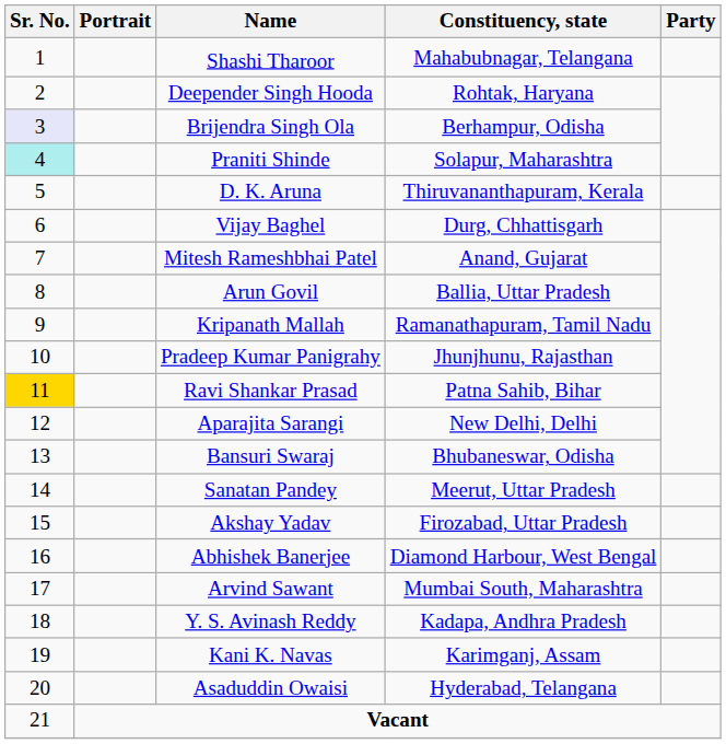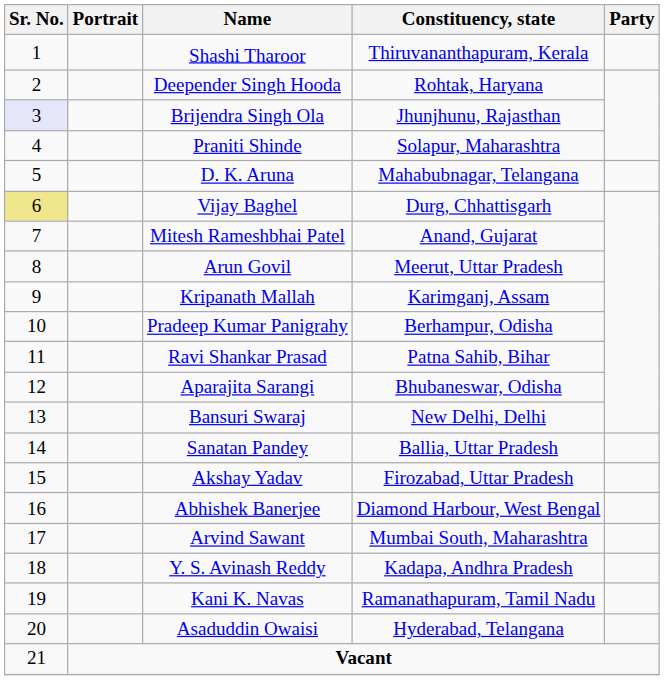 <table class="wikitable sortable">
 <tr>
 <th>Sr. No.</th>
 <th>Portrait</th>
 <th>Name </th>
 <th>Constituency, state</th>
 <th colspan="2">Party</th>
 </tr>
 <tr align="center">
 <td>1</td>
 <td></td>
 <td><a href='#'>Shashi Tharoor</a><sup></sup></td>
-<td><a href='#'>Mahabubnagar, Telangana</a></td>
+<td><a href='#'>Thiruvananthapuram, Kerala</a></td>
 <td></td>
 </tr>
 <tr align="center">
 <td>2</td>
 <td></td>
 <td><a href='#'>Deepender Singh Hooda</a></td>
 <td><a href='#'>Rohtak, Haryana</a></td>
 </tr>
 <tr align="center">
 <td style="background: lavender;">3</td>
 <td></td>
 <td><a href='#'>Brijendra Singh Ola</a></td>
-<td><a href='#'>Berhampur, Odisha</a></td>
+<td><a href='#'>Jhunjhunu, Rajasthan</a></td>
 </tr>
 <tr align="center">
-<td style="background: paleturquoise;">4</td>
+<td>4</td>
 <td></td>
 <td><a href='#'>Praniti Shinde</a></td>
 <td><a href='#'>Solapur, Maharashtra</a></td>
 </tr>
 <tr align="center">
 <td>5</td>
 <td></td>
 <td><a href='#'>D. K. Aruna</a></td>
-<td><a href='#'>Thiruvananthapuram, Kerala</a></td>
+<td><a href='#'>Mahabubnagar, Telangana</a></td>
 <td></td>
 </tr>
 <tr align="center">
-<td>6</td>
+<td style="background: khaki;">6</td>
 <td></td>
 <td><a href='#'>Vijay Baghel</a></td>
 <td><a href='#'>Durg, Chhattisgarh</a></td>
 </tr>
 <tr align="center">
 <td>7</td>
 <td></td>
 <td><a href='#'>Mitesh Rameshbhai Patel</a></td>
 <td><a href='#'>Anand, Gujarat</a></td>
 </tr>
 <tr align="center">
 <td>8</td>
 <td></td>
 <td><a href='#'>Arun Govil</a></td>
-<td><a href='#'>Ballia, Uttar Pradesh</a></td>
+<td><a href='#'>Meerut, Uttar Pradesh</a></td>
 </tr>
 <tr align="center">
 <td>9</td>
 <td></td>
 <td><a href='#'>Kripanath Mallah</a></td>
-<td><a href='#'>Ramanathapuram, Tamil Nadu</a></td>
+<td><a href='#'>Karimganj, Assam</a></td>
 </tr>
 <tr align="center">
 <td>10</td>
 <td></td>
 <td><a href='#'>Pradeep Kumar Panigrahy</a></td>
-<td><a href='#'>Jhunjhunu, Rajasthan</a></td>
+<td><a href='#'>Berhampur, Odisha</a></td>
 </tr>
 <tr align="center">
-<td style="background: gold;">11</td>
+<td>11</td>
 <td></td>
 <td><a href='#'>Ravi Shankar Prasad</a></td>
 <td><a href='#'>Patna Sahib, Bihar</a></td>
 </tr>
 <tr align="center">
 <td>12</td>
 <td></td>
 <td><a href='#'>Aparajita Sarangi</a></td>
-<td><a href='#'>New Delhi, Delhi</a></td>
+<td><a href='#'>Bhubaneswar, Odisha</a></td>
 </tr>
 <tr align="center">
 <td>13</td>
 <td></td>
 <td><a href='#'>Bansuri Swaraj</a></td>
-<td><a href='#'>Bhubaneswar, Odisha</a></td>
+<td><a href='#'>New Delhi, Delhi</a></td>
 </tr>
 <tr align="center">
 <td>14</td>
 <td></td>
 <td><a href='#'>Sanatan Pandey</a></td>
-<td><a href='#'>Meerut, Uttar Pradesh</a></td>
+<td><a href='#'>Ballia, Uttar Pradesh</a></td>
 <td></td>
 </tr>
 <tr align="center">
 <td>15</td>
 <td></td>
 <td><a href='#'>Akshay Yadav</a></td>
 <td><a href='#'>Firozabad, Uttar Pradesh</a></td>
 </tr>
 <tr align="center">
 <td>16</td>
 <td></td>
 <td><a href='#'>Abhishek Banerjee</a></td>
 <td><a href='#'>Diamond Harbour, West Bengal</a></td>
 <td></td>
 </tr>
 <tr align="center">
 <td>17</td>
 <td></td>
 <td><a href='#'>Arvind Sawant</a></td>
 <td><a href='#'>Mumbai South, Maharashtra</a></td>
 <td></td>
 </tr>
 <tr align="center">
 <td>18</td>
 <td></td>
 <td><a href='#'>Y. S. Avinash Reddy</a></td>
 <td><a href='#'>Kadapa, Andhra Pradesh</a></td>
 <td></td>
 </tr>
 <tr align="center">
 <td>19</td>
 <td></td>
 <td><a href='#'>Kani K. Navas</a></td>
-<td><a href='#'>Karimganj, Assam</a></td>
+<td><a href='#'>Ramanathapuram, Tamil Nadu</a></td>
 <td></td>
 </tr>
 <tr align="center">
 <td>20</td>
 <td></td>
 <td><a href='#'>Asaduddin Owaisi</a></td>
 <td><a href='#'>Hyderabad, Telangana</a></td>
 <td></td>
 </tr>
 <tr align="center">
 <td>21</td>
 <td colspan=5><strong>Vacant</strong></td>
 </tr>
 <tr align="center">
 </tr>
 </table>
